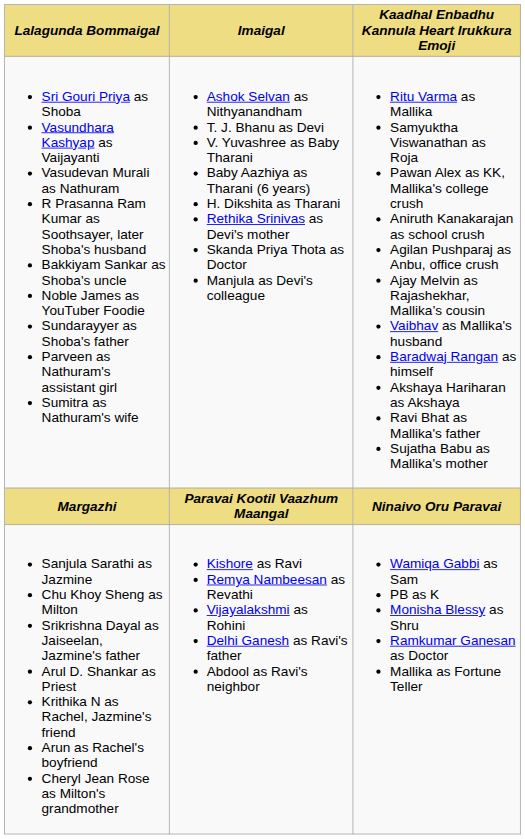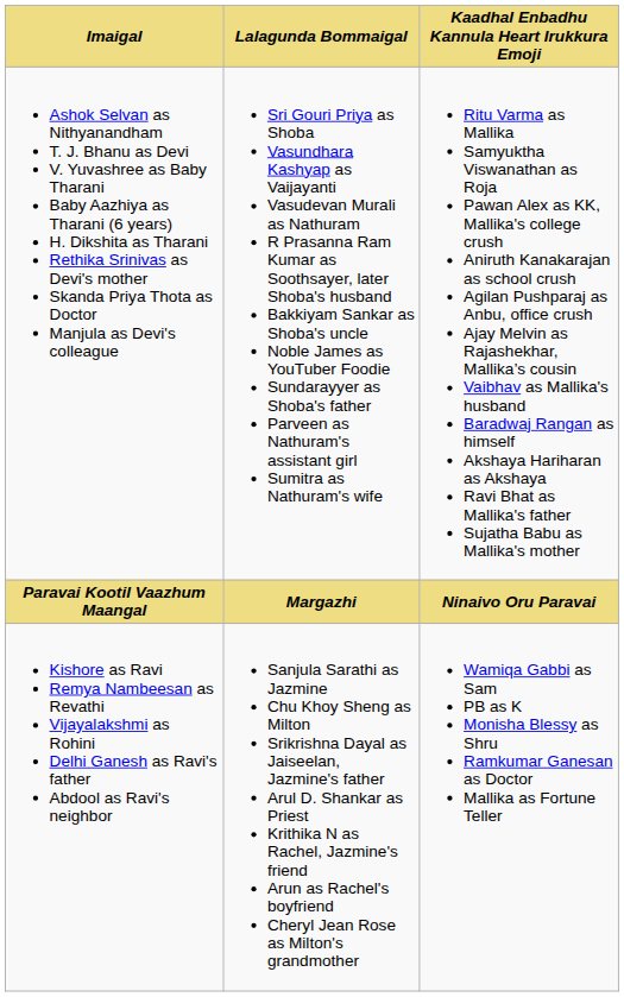 <table class=wikitable>
 <tr>
+<th style="background:#EEDD82; width:10%"><em>Imaigal </em></th>
 <th style="background:#EEDD82; width:10%"><em>Lalagunda Bommaigal</em></th>
-<th style="background:#EEDD82; width:10%"><em>Imaigal </em></th>
 <th style="background:#EEDD82; width:10%"><em>Kaadhal Enbadhu Kannula Heart Irukkura Emoji</em></th>
 </tr>
 <tr>
+<td valign="top"><br><ul><li><a href='#'>Ashok Selvan</a> as Nithyanandham</li><li>T. J. Bhanu as Devi</li><li>V. Yuvashree as Baby Tharani</li><li>Baby Aazhiya as Tharani (6 years)</li><li>H. Dikshita as Tharani</li><li><a href='#'>Rethika Srinivas</a> as Devi's mother</li><li>Skanda Priya Thota as Doctor</li><li>Manjula as Devi's colleague</li></ul></td>
 <td valign="top"><br><ul><li><a href='#'>Sri Gouri Priya</a> as Shoba</li><li><a href='#'>Vasundhara Kashyap</a> as Vaijayanti</li><li>Vasudevan Murali as Nathuram</li><li>R Prasanna Ram Kumar as Soothsayer, later Shoba's husband</li><li>Bakkiyam Sankar as Shoba's uncle</li><li>Noble James as YouTuber Foodie</li><li>Sundarayyer as Shoba's father</li><li>Parveen as Nathuram's assistant girl</li><li>Sumitra as Nathuram's wife</li></ul></td>
-<td valign="top"><br><ul><li><a href='#'>Ashok Selvan</a> as Nithyanandham</li><li>T. J. Bhanu as Devi</li><li>V. Yuvashree as Baby Tharani</li><li>Baby Aazhiya as Tharani (6 years)</li><li>H. Dikshita as Tharani</li><li><a href='#'>Rethika Srinivas</a> as Devi's mother</li><li>Skanda Priya Thota as Doctor</li><li>Manjula as Devi's colleague</li></ul></td>
 <td valign="top"><br><ul><li><a href='#'>Ritu Varma</a> as Mallika</li><li>Samyuktha Viswanathan as Roja</li><li>Pawan Alex as KK, Mallika's college crush</li><li>Aniruth Kanakarajan as school crush</li><li>Agilan Pushparaj as Anbu, office crush</li><li>Ajay Melvin as Rajashekhar, Mallika’s cousin</li><li><a href='#'>Vaibhav</a> as Mallika's husband</li><li><a href='#'>Baradwaj Rangan</a> as himself</li><li>Akshaya Hariharan as Akshaya</li><li>Ravi Bhat as Mallika's father</li><li>Sujatha Babu as Mallika's mother</li></ul></td>
 </tr>
 <tr>
+<th style="background:#EEDD82; width:10%"><em>Paravai Kootil Vaazhum Maangal</em></th>
 <th style="background:#EEDD82; width:10%"><em>Margazhi</em></th>
-<th style="background:#EEDD82; width:10%"><em>Paravai Kootil Vaazhum Maangal</em></th>
 <th style="background:#EEDD82; width:10%"><em>Ninaivo Oru Paravai</em></th>
 </tr>
 <tr>
+<td valign="top"><br><ul><li><a href='#'>Kishore</a> as Ravi</li><li><a href='#'>Remya Nambeesan</a> as Revathi</li><li><a href='#'>Vijayalakshmi</a> as Rohini</li><li><a href='#'>Delhi Ganesh</a> as Ravi's father</li><li>Abdool as Ravi's neighbor</li></ul></td>
 <td valign="top"><br><ul><li>Sanjula Sarathi as Jazmine</li><li>Chu Khoy Sheng as Milton</li><li>Srikrishna Dayal as Jaiseelan, Jazmine's father</li><li>Arul D. Shankar as Priest</li><li>Krithika N as Rachel, Jazmine's friend</li><li>Arun as Rachel's boyfriend</li><li>Cheryl Jean Rose as Milton's grandmother</li></ul></td>
-<td valign="top"><br><ul><li><a href='#'>Kishore</a> as Ravi</li><li><a href='#'>Remya Nambeesan</a> as Revathi</li><li><a href='#'>Vijayalakshmi</a> as Rohini</li><li><a href='#'>Delhi Ganesh</a> as Ravi's father</li><li>Abdool as Ravi's neighbor</li></ul></td>
 <td valign="top"><br><ul><li><a href='#'>Wamiqa Gabbi</a> as Sam</li><li>PB as K</li><li><a href='#'>Monisha Blessy</a> as Shru</li><li><a href='#'>Ramkumar Ganesan</a> as Doctor</li><li>Mallika as Fortune Teller</li></ul></td>
 </tr>
 </table>
